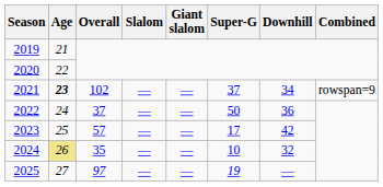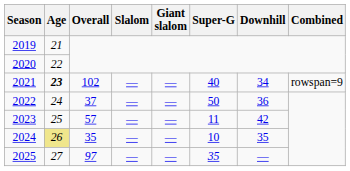 <table class="wikitable" style="text-align:center; font-size:100%;">
 <tr>
 <th>Season</th>
 <th>Age</th>
 <th>Overall</th>
 <th>Slalom</th>
 <th>Giant<br>slalom</th>
 <th>Super-G</th>
 <th>Downhill</th>
 <th>Combined</th>
 </tr>
 <tr>
 <td><a href='#'>2019</a></td>
 <td><em>21</em></td>
 <td colspan=6 rowspan=2><em></em></td>
 </tr>
 <tr>
 <td><a href='#'>2020</a></td>
 <td><em>22</em></td>
 </tr>
 <tr>
 <td><a href='#'>2021</a></td>
 <td><strong><em>23</em></strong></td>
 <td><a href='#'>102</a></td>
 <td><a href='#'>—</a></td>
 <td><a href='#'>—</a></td>
-<td><a href='#'>37</a></td>
+<td><a href='#'>40</a></td>
 <td><a href='#'>34</a></td>
 <td>rowspan=9 </td>
 </tr>
 <tr>
 <td><a href='#'>2022</a></td>
 <td><em>24</em></td>
 <td><a href='#'>37</a></td>
 <td><a href='#'>—</a></td>
 <td><a href='#'>—</a></td>
 <td><a href='#'>50</a></td>
 <td><a href='#'>36</a></td>
 </tr>
 <tr>
 <td><a href='#'>2023</a></td>
 <td><em>25</em></td>
 <td><a href='#'>57</a></td>
 <td><a href='#'>—</a></td>
 <td><a href='#'>—</a></td>
-<td><a href='#'>17</a></td>
+<td><a href='#'>11</a></td>
 <td><a href='#'>42</a></td>
 </tr>
 <tr>
 <td><a href='#'>2024</a></td>
 <td style="background: khaki;"><em>26</em></td>
 <td><a href='#'>35</a></td>
 <td><a href='#'>—</a></td>
 <td><a href='#'>—</a></td>
 <td><a href='#'>10</a></td>
-<td><a href='#'>32</a></td>
+<td><a href='#'>35</a></td>
 </tr>
 <tr>
 <td><a href='#'>2025</a></td>
 <td><em>27</em></td>
 <td><a href='#'><em>97</em></a></td>
 <td><a href='#'>—</a></td>
 <td><a href='#'>—</a></td>
-<td><a href='#'><em>19</em></a></td>
+<td><a href='#'><em>35</em></a></td>
 <td><a href='#'>—</a></td>
 </tr>
 </table>
